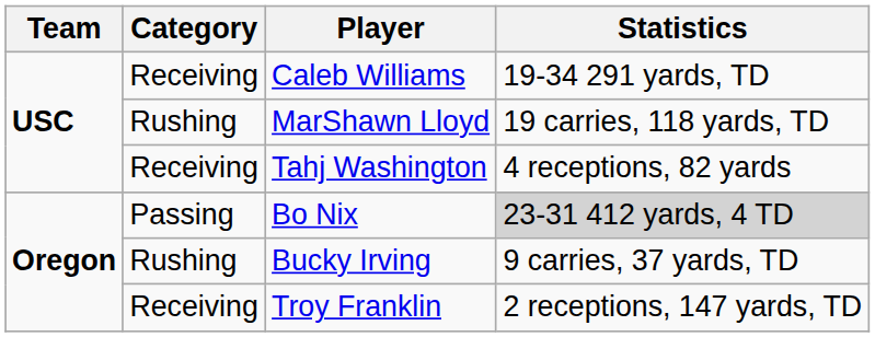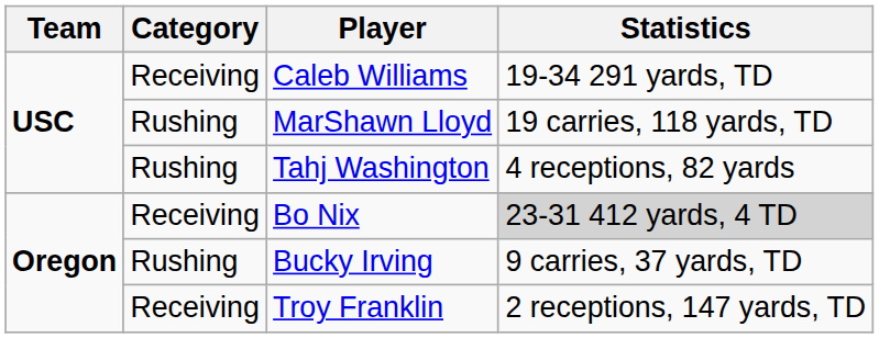 <table class="wikitable" style="float: right;">
 <tr>
 <th>Team</th>
 <th>Category</th>
 <th>Player</th>
 <th>Statistics</th>
 </tr>
 <tr>
 <td rowspan=3><strong>USC</strong></td>
 <td>Receiving</td>
 <td><a href='#'>Caleb Williams</a></td>
 <td>19-34 291 yards, TD</td>
 </tr>
 <tr>
 <td>Rushing</td>
 <td><a href='#'>MarShawn Lloyd</a></td>
 <td>19 carries, 118 yards, TD</td>
 </tr>
 <tr>
-<td>Receiving</td>
+<td>Rushing</td>
 <td><a href='#'>Tahj Washington</a></td>
 <td>4 receptions, 82 yards</td>
 </tr>
 <tr>
 <td rowspan=3><strong>Oregon</strong></td>
-<td>Passing</td>
+<td>Receiving</td>
 <td><a href='#'>Bo Nix</a></td>
 <td style="background: lightgrey;">23-31 412 yards, 4 TD</td>
 </tr>
 <tr>
 <td>Rushing</td>
 <td><a href='#'>Bucky Irving</a></td>
 <td>9 carries, 37 yards, TD</td>
 </tr>
 <tr>
 <td>Receiving</td>
 <td><a href='#'>Troy Franklin</a></td>
 <td>2 receptions, 147 yards, TD</td>
 </tr>
 </table>
